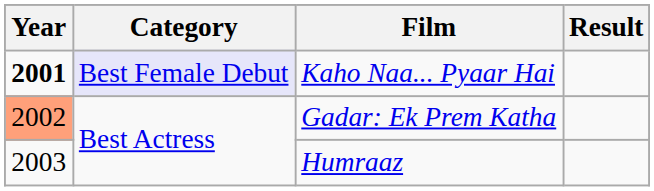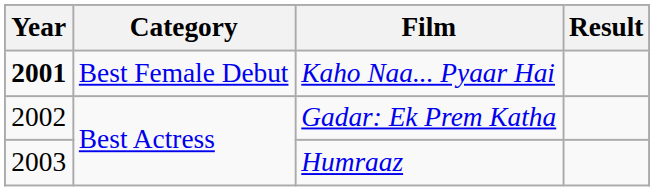 <table class="wikitable" style="font-size: 90%;">
 <tr>
 <th>Year</th>
 <th>Category</th>
 <th>Film</th>
 <th>Result</th>
 </tr>
 <tr>
 <td><strong>2001</strong></td>
-<td style="background: lavender;"><a href='#'>Best Female Debut</a></td>
+<td><a href='#'>Best Female Debut</a></td>
 <td><em><a href='#'>Kaho Naa... Pyaar Hai</a></em></td>
 <td></td>
 </tr>
 <tr>
-<td style="background: lightsalmon;">2002</td>
+<td>2002</td>
 <td rowspan="2"><a href='#'>Best Actress</a></td>
 <td><em><a href='#'>Gadar: Ek Prem Katha</a></em></td>
 <td></td>
 </tr>
 <tr>
 <td>2003</td>
 <td><em><a href='#'>Humraaz</a></em></td>
 <td></td>
 </tr>
 </table>
